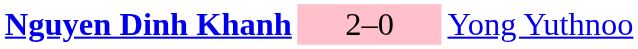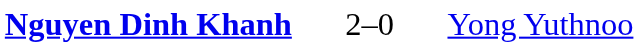 <table>
 <tr>
 <th width=400></th>
 <th width=100></th>
 <th width=400></th>
 </tr>
 <tr>
 <td align=right><strong><a href='#'>Nguyen Dinh Khanh</a> </strong></td>
-<td align=center style="background: pink;">2–0</td>
+<td align=center>2–0</td>
 <td> <a href='#'>Yong Yuthnoo</a></td>
 </tr>
 </table>
